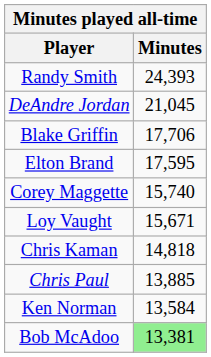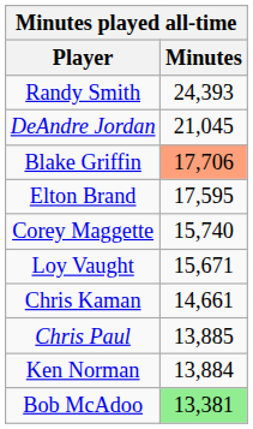 <table class="wikitable sortable" style="text-align:center">
 <tr>
 <th colspan="2">Minutes played all-time</th>
 </tr>
 <tr>
 <th>Player</th>
 <th>Minutes</th>
 </tr>
 <tr>
 <td><a href='#'>Randy Smith</a></td>
 <td>24,393</td>
 </tr>
 <tr>
 <td><em><a href='#'>DeAndre Jordan</a></em></td>
 <td>21,045</td>
 </tr>
 <tr>
 <td><a href='#'>Blake Griffin</a></td>
-<td>17,706</td>
+<td style="background: lightsalmon;">17,706</td>
 </tr>
 <tr>
 <td><a href='#'>Elton Brand</a></td>
 <td>17,595</td>
 </tr>
 <tr>
 <td><a href='#'>Corey Maggette</a></td>
 <td>15,740</td>
 </tr>
 <tr>
 <td><a href='#'>Loy Vaught</a></td>
 <td>15,671</td>
 </tr>
 <tr>
 <td><a href='#'>Chris Kaman</a></td>
-<td>14,818</td>
+<td>14,661</td>
 </tr>
 <tr>
 <td><em><a href='#'>Chris Paul</a></em></td>
 <td>13,885</td>
 </tr>
 <tr>
 <td><a href='#'>Ken Norman</a></td>
-<td>13,584</td>
+<td>13,884</td>
 </tr>
 <tr>
 <td><a href='#'>Bob McAdoo</a></td>
 <td style="background: lightgreen;">13,381</td>
 </tr>
 </table>
